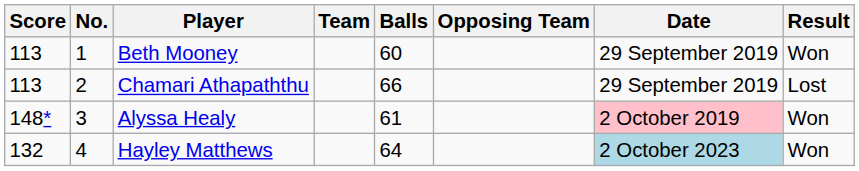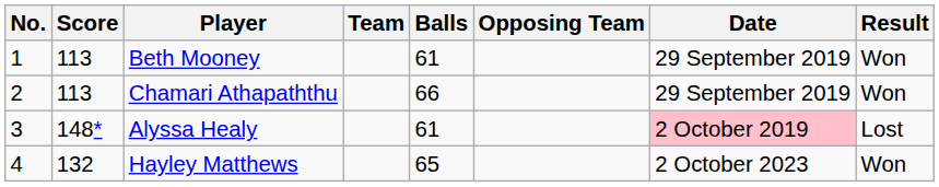 <table class=wikitable sortable" style="font-size:95%">
 <tr>
+<th>No.</th>
 <th>Score</th>
-<th>No.</th>
 <th>Player</th>
 <th>Team</th>
 <th>Balls</th>
 <th>Opposing Team</th>
 <th>Date</th>
 <th>Result</th>
 </tr>
 <tr>
+<td>1</td>
 <td>113</td>
-<td>1</td>
 <td><a href='#'>Beth Mooney</a></td>
 <td></td>
-<td> 60</td>
+<td> 61</td>
 <td></td>
 <td>29 September 2019</td>
 <td>Won</td>
 </tr>
 <tr>
+<td>2</td>
 <td>113</td>
-<td>2</td>
 <td><a href='#'>Chamari Athapaththu</a></td>
 <td></td>
 <td> 66</td>
 <td></td>
 <td>29 September 2019</td>
-<td>Lost</td>
+<td>Won</td>
 </tr>
 <tr>
+<td>3</td>
 <td>148<a href='#'>*</a></td>
-<td>3</td>
 <td><a href='#'>Alyssa Healy</a></td>
 <td></td>
 <td> 61</td>
 <td></td>
 <td style="background: pink;">2 October 2019</td>
-<td>Won</td>
+<td>Lost</td>
 </tr>
 <tr>
+<td>4</td>
 <td>132</td>
-<td>4</td>
 <td><a href='#'>Hayley Matthews</a></td>
 <td></td>
-<td> 64</td>
+<td> 65</td>
 <td></td>
-<td style="background: lightblue;">2 October 2023</td>
+<td>2 October 2023</td>
 <td>Won</td>
 </tr>
 </table>
